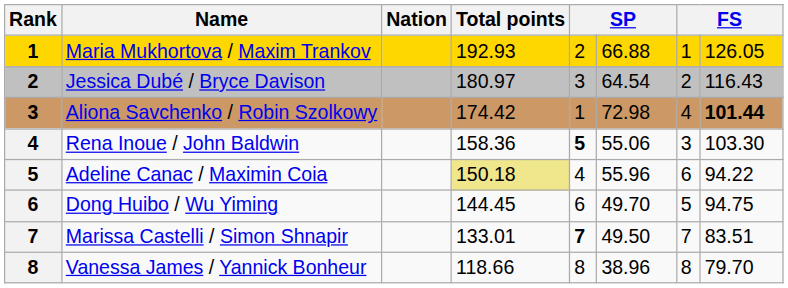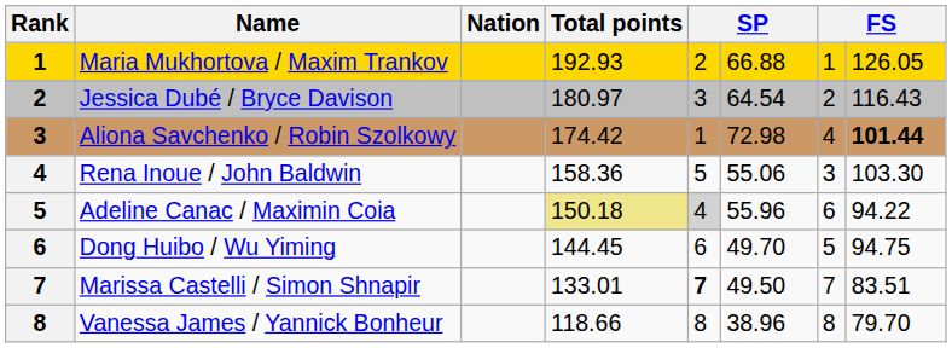 <table class="wikitable sortable">
 <tr>
 <th>Rank</th>
 <th>Name</th>
 <th>Nation</th>
 <th>Total points</th>
 <th colspan="2" width="80px"><a href='#'>SP</a></th>
 <th colspan="2" width="80px"><a href='#'>FS</a></th>
 </tr>
 <tr bgcolor="gold">
 <td align="center"><strong>1</strong></td>
 <td><a href='#'>Maria Mukhortova</a> / <a href='#'>Maxim Trankov</a></td>
 <td></td>
 <td>192.93</td>
 <td>2</td>
 <td>66.88</td>
 <td>1</td>
 <td>126.05</td>
 </tr>
 <tr bgcolor="silver">
 <td align="center"><strong>2</strong></td>
 <td><a href='#'>Jessica Dubé</a> / <a href='#'>Bryce Davison</a></td>
 <td></td>
 <td>180.97</td>
 <td>3</td>
 <td>64.54</td>
 <td>2</td>
 <td>116.43</td>
 </tr>
 <tr bgcolor="cc9966">
 <td align="center"><strong>3</strong></td>
 <td><a href='#'>Aliona Savchenko</a> / <a href='#'>Robin Szolkowy</a></td>
 <td></td>
 <td>174.42</td>
 <td>1</td>
 <td>72.98</td>
 <td>4</td>
 <td><strong>101.44</strong></td>
 </tr>
 <tr>
 <th>4</th>
 <td><a href='#'>Rena Inoue</a> / <a href='#'>John Baldwin</a></td>
 <td></td>
 <td>158.36</td>
-<td><strong>5</strong></td>
+<td>5</td>
 <td>55.06</td>
 <td>3</td>
 <td>103.30</td>
 </tr>
 <tr>
 <th>5</th>
 <td><a href='#'>Adeline Canac</a> / <a href='#'>Maximin Coia</a></td>
 <td></td>
 <td style="background: khaki;">150.18</td>
-<td>4</td>
+<td style="background: lightgrey;">4</td>
 <td>55.96</td>
 <td>6</td>
 <td>94.22</td>
 </tr>
 <tr>
 <th>6</th>
 <td><a href='#'>Dong Huibo</a> / <a href='#'>Wu Yiming</a></td>
 <td></td>
 <td>144.45</td>
 <td>6</td>
 <td>49.70</td>
 <td>5</td>
 <td>94.75</td>
 </tr>
 <tr>
 <th>7</th>
 <td><a href='#'>Marissa Castelli</a> / <a href='#'>Simon Shnapir</a></td>
 <td></td>
 <td>133.01</td>
 <td><strong>7</strong></td>
 <td>49.50</td>
 <td>7</td>
 <td>83.51</td>
 </tr>
 <tr>
 <th>8</th>
 <td><a href='#'>Vanessa James</a> / <a href='#'>Yannick Bonheur</a></td>
 <td></td>
 <td>118.66</td>
 <td>8</td>
 <td>38.96</td>
 <td>8</td>
 <td>79.70</td>
 </tr>
 </table>
